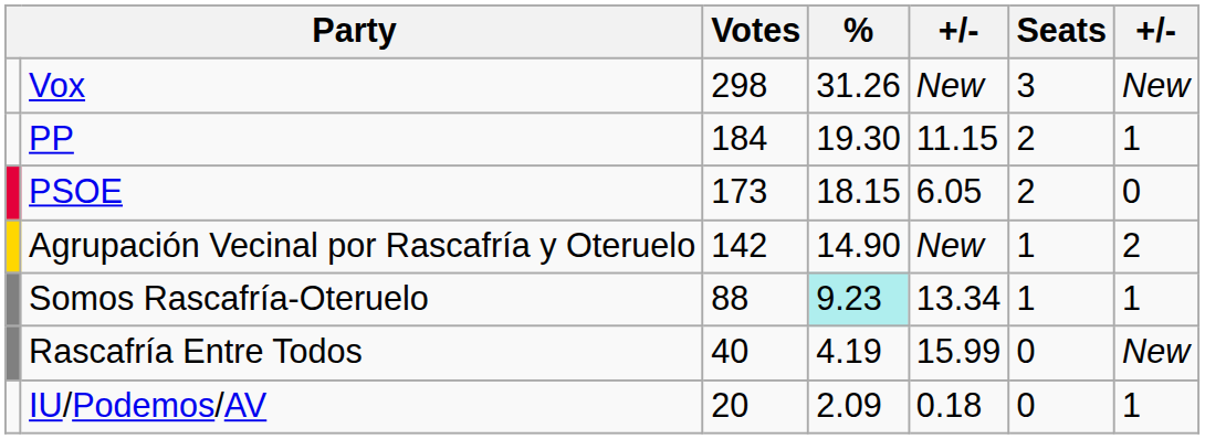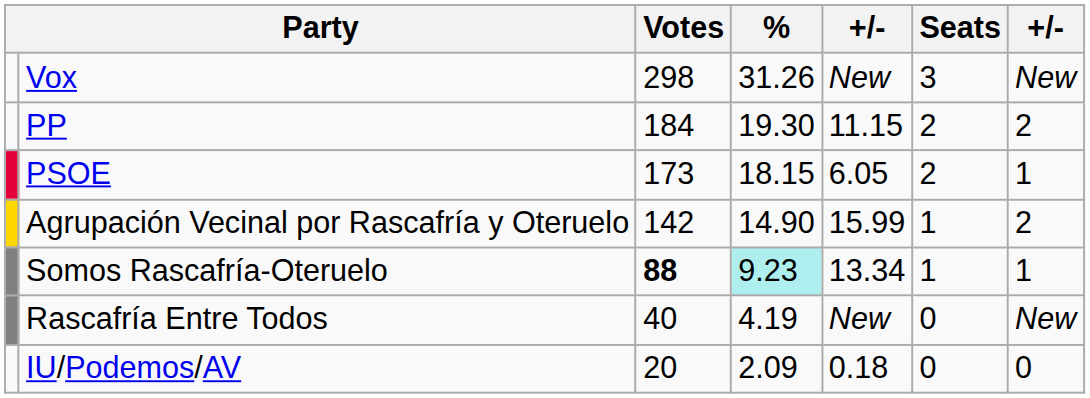 <table class="wikitable">
 <tr>
 <th colspan="2">Party</th>
 <th>Votes</th>
 <th>%</th>
 <th>+/-</th>
 <th>Seats</th>
 <th>+/-</th>
 </tr>
 <tr>
 <td></td>
 <td><a href='#'>Vox</a></td>
 <td>298</td>
 <td>31.26</td>
 <td><em>New</em></td>
 <td>3</td>
 <td><em>New</em></td>
 </tr>
 <tr>
 <td></td>
 <td><a href='#'>PP</a></td>
 <td>184</td>
 <td>19.30</td>
 <td> 11.15</td>
 <td>2</td>
-<td> 1</td>
+<td> 2</td>
 </tr>
 <tr>
 <td bgcolor="#E4003B"></td>
 <td><a href='#'>PSOE</a></td>
 <td>173</td>
 <td>18.15</td>
 <td> 6.05</td>
 <td>2</td>
-<td> 0</td>
+<td> 1</td>
 </tr>
 <tr>
 <td bgcolor="gold"></td>
 <td>Agrupación Vecinal por Rascafría y Oteruelo</td>
 <td>142</td>
 <td>14.90</td>
-<td><em>New</em></td>
+<td> 15.99</td>
 <td>1</td>
 <td> 2</td>
 </tr>
 <tr>
 <td bgcolor="grey"></td>
 <td>Somos Rascafría-Oteruelo</td>
-<td>88</td>
+<td><strong>88</strong></td>
 <td style="background: paleturquoise;">9.23</td>
 <td> 13.34</td>
 <td>1</td>
 <td> 1</td>
 </tr>
 <tr>
 <td bgcolor="grey"></td>
 <td>Rascafría Entre Todos</td>
 <td>40</td>
 <td>4.19</td>
-<td> 15.99</td>
+<td><em>New</em></td>
 <td>0</td>
 <td><em>New</em></td>
 </tr>
 <tr>
 <td></td>
 <td><a href='#'>IU</a>/<a href='#'>Podemos</a>/<a href='#'>AV</a></td>
 <td>20</td>
 <td>2.09</td>
 <td> 0.18</td>
 <td>0</td>
-<td> 1</td>
+<td> 0</td>
 </tr>
 </table>
